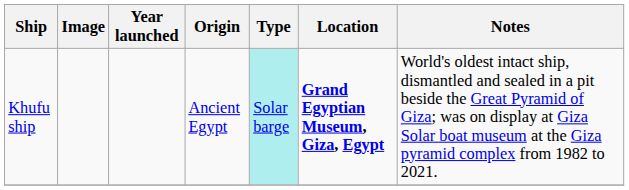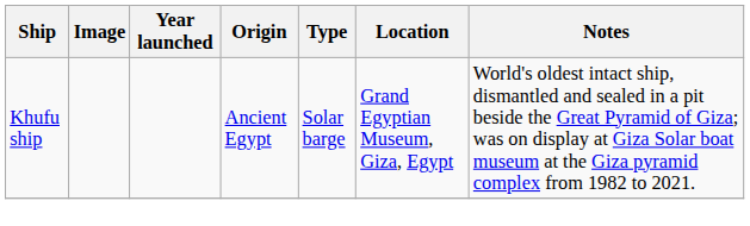 <table class="wikitable sortable">
 <tr>
 <th>Ship</th>
 <th>Image</th>
 <th>Year launched</th>
 <th>Origin</th>
 <th>Type</th>
 <th>Location</th>
 <th>Notes</th>
 </tr>
 <tr>
 <td data-sort-value=Khufu><a href='#'>Khufu ship</a></td>
 <td></td>
 <td></td>
 <td><a href='#'>Ancient Egypt</a></td>
-<td style="background: paleturquoise;"><a href='#'>Solar barge</a></td>
-<td><strong><a href='#'>Grand Egyptian Museum</a>, <a href='#'>Giza</a>, <a href='#'>Egypt</a><br></strong></td>
+<td><a href='#'>Solar barge</a></td>
+<td><a href='#'>Grand Egyptian Museum</a>, <a href='#'>Giza</a>, <a href='#'>Egypt</a><br></td>
 <td>World's oldest intact ship, dismantled and sealed in a pit beside the <a href='#'>Great Pyramid of Giza</a>; was on display at <a href='#'>Giza Solar boat museum</a> at the <a href='#'>Giza pyramid complex</a> from 1982 to 2021.</td>
 </tr>
 <tr>
 </tr>
 </table>
